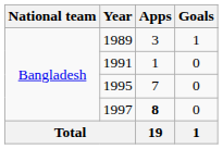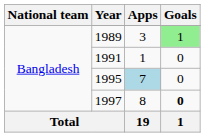 <table class="wikitable" style="text-align:center">
 <tr>
 <th>National team</th>
 <th>Year</th>
 <th>Apps</th>
 <th>Goals</th>
 </tr>
 <tr>
 <td rowspan="5"><a href='#'>Bangladesh</a></td>
 </tr>
 <tr>
 <td>1989</td>
 <td>3</td>
-<td>1</td>
+<td style="background: lightgreen;">1</td>
 </tr>
 <tr>
 <td>1991</td>
 <td>1</td>
 <td>0</td>
 </tr>
 <tr>
 <td>1995</td>
-<td>7</td>
+<td style="background: lightblue;">7</td>
 <td>0</td>
 </tr>
 <tr>
 <td>1997</td>
-<td><strong>8</strong></td>
-<td>0</td>
+<td>8</td>
+<td><strong>0</strong></td>
 </tr>
 <tr>
 <th colspan="2">Total</th>
 <th>19</th>
 <th>1</th>
 </tr>
 </table>
